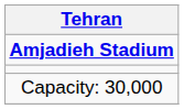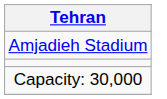 <table class="wikitable" style="text-align:center">
 <tr>
 <th><a href='#'>Tehran</a></th>
 </tr>
 <tr>
-<td><strong><a href='#'>Amjadieh Stadium</a></strong></td>
+<td><a href='#'>Amjadieh Stadium</a></td>
 </tr>
 <tr>
 <td></td>
 </tr>
 <tr>
 <td>Capacity: 30,000</td>
 </tr>
 <tr>
 </tr>
 </table>
